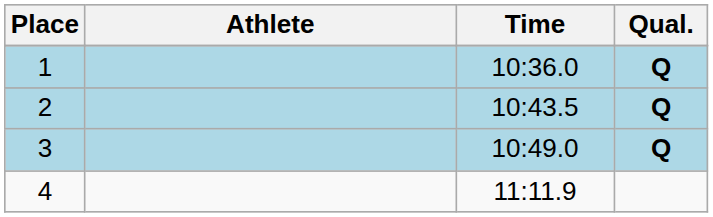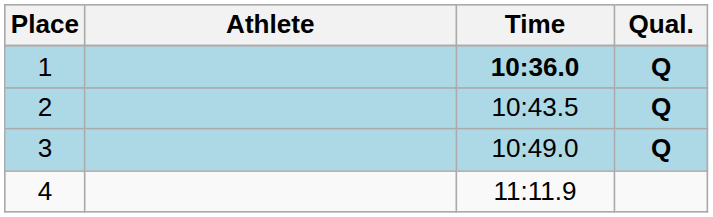 <table class=wikitable style="text-align:center">
 <tr>
 <th width=20>Place</th>
 <th width=220>Athlete</th>
 <th width=90>Time</th>
 <th width=50>Qual.</th>
 </tr>
 <tr>
 </tr>
 <tr bgcolor=lightblue>
 <td>1</td>
 <td align=left></td>
-<td>10:36.0</td>
+<td><strong>10:36.0</strong></td>
 <td><strong>Q</strong></td>
 </tr>
 <tr bgcolor=lightblue>
 <td>2</td>
 <td align=left></td>
 <td>10:43.5</td>
 <td><strong>Q</strong></td>
 </tr>
 <tr bgcolor=lightblue>
 <td>3</td>
 <td align=left></td>
 <td>10:49.0</td>
 <td><strong>Q</strong></td>
 </tr>
 <tr>
 <td>4</td>
 <td align=left></td>
 <td>11:11.9</td>
 <td></td>
 </tr>
 </table>
